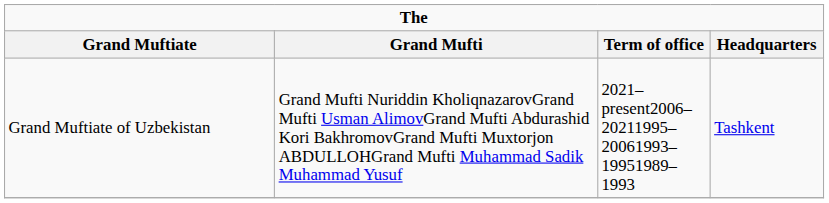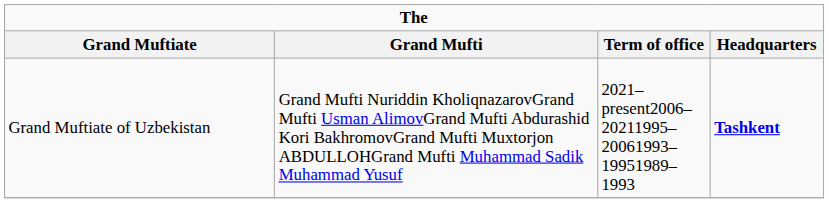 <table class=wikitable>
 <tr>
 <td colspan=4 align=center><strong>The </strong></td>
 </tr>
 <tr>
 <th scope="row" width="250">Grand Muftiate</th>
 <th scope="row" width="300">Grand Mufti</th>
 <th scope="row" width="100">Term of office</th>
 <th scope="row" width="100">Headquarters</th>
 </tr>
 <tr>
 <td>Grand Muftiate of Uzbekistan</td>
 <td><br>Grand Mufti Nuriddin KholiqnazarovGrand Mufti <a href='#'>Usman Alimov</a>Grand Mufti Abdurashid Kori BakhromovGrand Mufti Muxtorjon ABDULLOHGrand Mufti <a href='#'>Muhammad Sadik Muhammad Yusuf</a></td>
 <td><br>2021–present2006–20211995–20061993–19951989–1993</td>
-<td><a href='#'>Tashkent</a></td>
+<td><strong><a href='#'>Tashkent</a></strong></td>
 </tr>
 <tr>
 </tr>
 </table>
